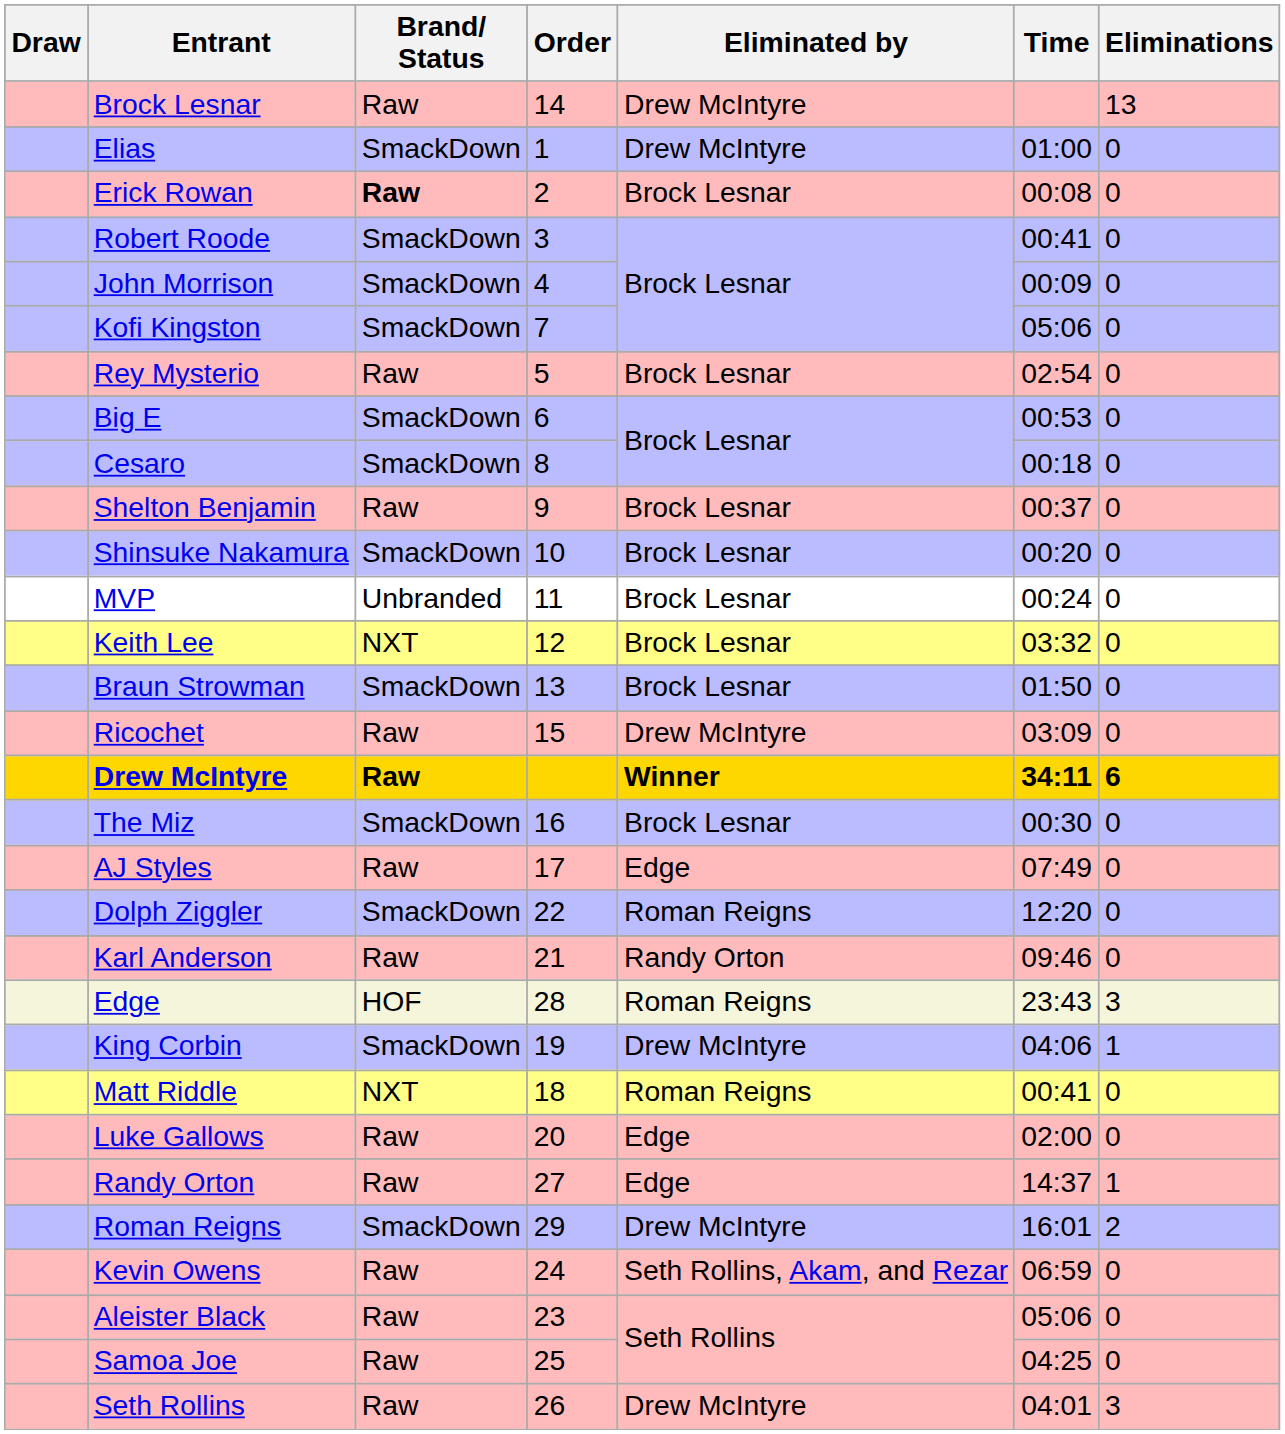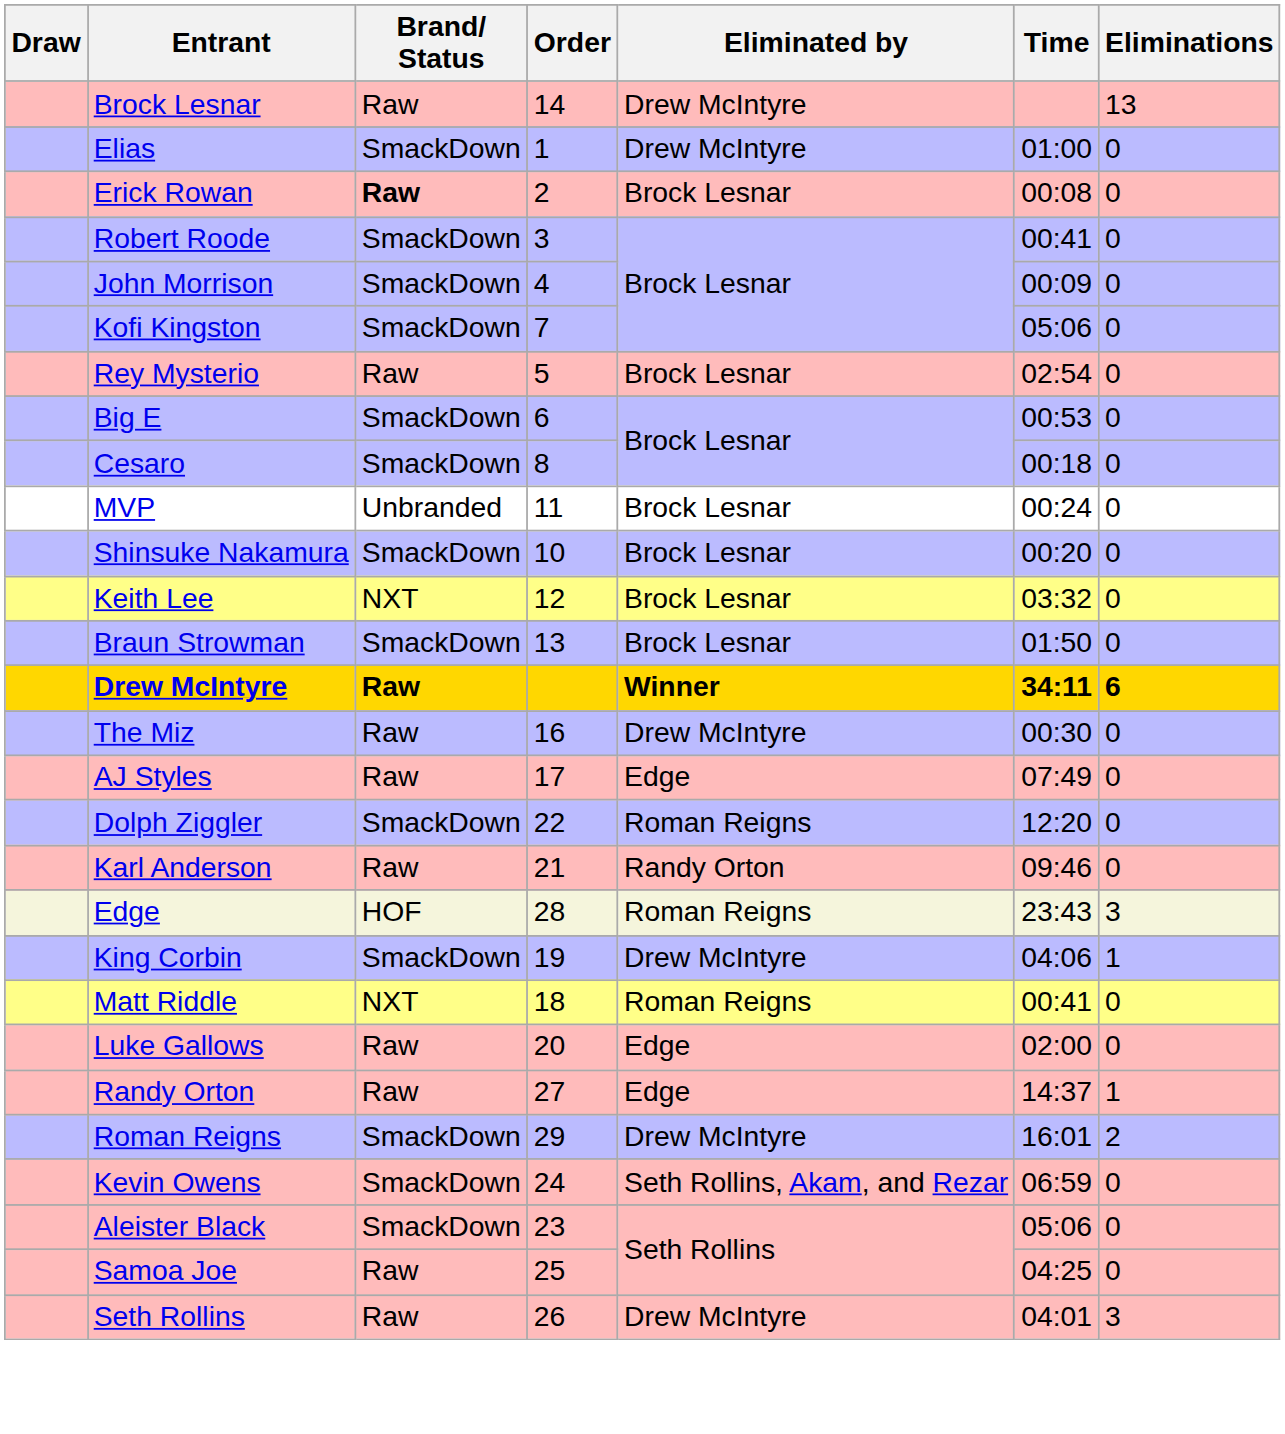 <table class="wikitable sortable">
 <tr>
 <th>Draw</th>
 <th>Entrant</th>
 <th>Brand/<br>Status</th>
 <th>Order</th>
 <th>Eliminated by</th>
 <th>Time</th>
 <th>Eliminations</th>
 </tr>
 <tr style="background:#FBB">
 <td></td>
 <td><a href='#'>Brock Lesnar</a></td>
 <td>Raw</td>
 <td>14</td>
 <td>Drew McIntyre</td>
 <td></td>
 <td>13</td>
 </tr>
 <tr style="background:#BBF">
 <td></td>
 <td><a href='#'>Elias</a></td>
 <td>SmackDown</td>
 <td>1</td>
 <td>Drew McIntyre</td>
 <td>01:00</td>
 <td>0</td>
 </tr>
 <tr style="background:#FBB">
 <td></td>
 <td><a href='#'>Erick Rowan</a></td>
 <td><strong>Raw</strong></td>
 <td>2</td>
 <td>Brock Lesnar</td>
 <td>00:08</td>
 <td>0</td>
 </tr>
 <tr style="background:#BBF">
 <td></td>
 <td><a href='#'>Robert Roode</a></td>
 <td>SmackDown</td>
 <td>3</td>
 <td rowspan="3">Brock Lesnar</td>
 <td>00:41</td>
 <td>0</td>
 </tr>
 <tr style="background:#BBF">
 <td></td>
 <td><a href='#'>John Morrison</a></td>
 <td>SmackDown</td>
 <td>4</td>
 <td>00:09</td>
 <td>0</td>
 </tr>
 <tr style="background:#BBF">
 <td></td>
 <td><a href='#'>Kofi Kingston</a></td>
 <td>SmackDown</td>
 <td>7</td>
 <td>05:06</td>
 <td>0</td>
 </tr>
 <tr style="background:#FBB">
 <td></td>
 <td><a href='#'>Rey Mysterio</a></td>
 <td>Raw</td>
 <td>5</td>
 <td>Brock Lesnar</td>
 <td>02:54</td>
 <td>0</td>
 </tr>
 <tr style="background:#BBF">
 <td></td>
 <td><a href='#'>Big E</a></td>
 <td>SmackDown</td>
 <td>6</td>
 <td rowspan="2">Brock Lesnar</td>
 <td>00:53</td>
 <td>0</td>
 </tr>
 <tr style="background:#BBF">
 <td></td>
 <td><a href='#'>Cesaro</a></td>
 <td>SmackDown</td>
 <td>8</td>
 <td>00:18</td>
 <td>0</td>
 </tr>
-<tr style="background:#FBB">
+<tr style="background:#FFF">
 <td></td>
-<td><a href='#'>Shelton Benjamin</a></td>
-<td>Raw</td>
-<td>9</td>
+<td><a href='#'>MVP</a></td>
+<td>Unbranded</td>
+<td>11</td>
 <td>Brock Lesnar</td>
-<td>00:37</td>
+<td>00:24</td>
 <td>0</td>
 </tr>
 <tr style="background:#BBF">
 <td></td>
 <td><a href='#'>Shinsuke Nakamura</a></td>
 <td>SmackDown</td>
 <td>10</td>
 <td>Brock Lesnar</td>
 <td>00:20</td>
-<td>0</td>
-</tr>
-<tr style="background:#FFF">
-<td></td>
-<td><a href='#'>MVP</a></td>
-<td>Unbranded</td>
-<td>11</td>
-<td>Brock Lesnar</td>
-<td>00:24</td>
 <td>0</td>
 </tr>
 <tr style="background:#FF8">
 <td></td>
 <td><a href='#'>Keith Lee</a></td>
 <td>NXT</td>
 <td>12</td>
 <td>Brock Lesnar</td>
 <td>03:32</td>
 <td>0</td>
 </tr>
 <tr style="background:#BBF">
 <td></td>
 <td><a href='#'>Braun Strowman</a></td>
 <td>SmackDown</td>
 <td>13</td>
 <td>Brock Lesnar</td>
 <td>01:50</td>
 <td>0</td>
 </tr>
-<tr style="background:#FBB">
-<td></td>
-<td><a href='#'>Ricochet</a></td>
-<td>Raw</td>
-<td>15</td>
-<td>Drew McIntyre</td>
-<td>03:09</td>
-<td>0</td>
-</tr>
 <tr style="background:gold">
 <td><strong></strong></td>
 <td><strong><a href='#'>Drew McIntyre</a></strong></td>
 <td><strong>Raw</strong></td>
 <td><strong></strong></td>
 <td><strong>Winner</strong></td>
 <td><strong>34:11</strong></td>
 <td><strong>6</strong></td>
 </tr>
 <tr style="background:#BBF">
 <td></td>
 <td><a href='#'>The Miz</a></td>
-<td>SmackDown</td>
+<td>Raw</td>
 <td>16</td>
-<td>Brock Lesnar</td>
+<td>Drew McIntyre</td>
 <td>00:30</td>
 <td>0</td>
 </tr>
 <tr style="background:#FBB">
 <td></td>
 <td><a href='#'>AJ Styles</a></td>
 <td>Raw</td>
 <td>17</td>
 <td>Edge</td>
 <td>07:49</td>
 <td>0</td>
 </tr>
 <tr style="background:#BBF">
 <td></td>
 <td><a href='#'>Dolph Ziggler</a></td>
 <td>SmackDown</td>
 <td>22</td>
 <td>Roman Reigns</td>
 <td>12:20</td>
 <td>0</td>
 </tr>
 <tr style="background:#FBB">
 <td></td>
 <td><a href='#'>Karl Anderson</a></td>
 <td>Raw</td>
 <td>21</td>
 <td>Randy Orton</td>
 <td>09:46</td>
 <td>0</td>
 </tr>
 <tr style="background: Beige;">
 <td></td>
 <td><a href='#'>Edge</a></td>
 <td>HOF</td>
 <td>28</td>
 <td>Roman Reigns</td>
 <td>23:43</td>
 <td>3</td>
 </tr>
 <tr style="background:#BBF">
 <td></td>
 <td><a href='#'>King Corbin</a></td>
 <td>SmackDown</td>
 <td>19</td>
 <td>Drew McIntyre</td>
 <td>04:06</td>
 <td>1</td>
 </tr>
 <tr style="background:#FF8">
 <td></td>
 <td><a href='#'>Matt Riddle</a></td>
 <td>NXT</td>
 <td>18</td>
 <td>Roman Reigns</td>
 <td>00:41</td>
 <td>0</td>
 </tr>
 <tr style="background:#FBB">
 <td></td>
 <td><a href='#'>Luke Gallows</a></td>
 <td>Raw</td>
 <td>20</td>
 <td>Edge</td>
 <td>02:00</td>
 <td>0</td>
 </tr>
 <tr style="background:#FBB">
 <td></td>
 <td><a href='#'>Randy Orton</a></td>
 <td>Raw</td>
 <td>27</td>
 <td>Edge</td>
 <td>14:37</td>
 <td>1</td>
 </tr>
 <tr style="background:#BBF">
 <td></td>
 <td><a href='#'>Roman Reigns</a></td>
 <td>SmackDown</td>
 <td>29</td>
 <td>Drew McIntyre</td>
 <td>16:01</td>
 <td>2</td>
 </tr>
 <tr style="background:#FBB">
 <td></td>
 <td><a href='#'>Kevin Owens</a></td>
-<td>Raw</td>
+<td>SmackDown</td>
 <td>24</td>
 <td>Seth Rollins, <a href='#'>Akam</a>, and <a href='#'>Rezar</a></td>
 <td>06:59</td>
 <td>0</td>
 </tr>
 <tr style="background:#FBB">
 <td></td>
 <td><a href='#'>Aleister Black</a></td>
-<td>Raw</td>
+<td>SmackDown</td>
 <td>23</td>
 <td rowspan="2">Seth Rollins</td>
 <td>05:06</td>
 <td>0</td>
 </tr>
 <tr style="background:#FBB">
 <td></td>
 <td><a href='#'>Samoa Joe</a></td>
 <td>Raw</td>
 <td>25</td>
 <td>04:25</td>
 <td>0</td>
 </tr>
 <tr style="background:#FBB">
 <td></td>
 <td><a href='#'>Seth Rollins</a></td>
 <td>Raw</td>
 <td>26</td>
 <td>Drew McIntyre</td>
 <td>04:01</td>
 <td>3</td>
 </tr>
 </table>
